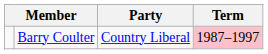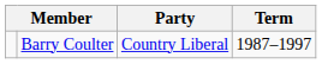 <table class="wikitable">
 <tr>
 <th colspan="2">Member</th>
 <th>Party</th>
 <th>Term</th>
 </tr>
 <tr>
 <td> </td>
 <td><a href='#'>Barry Coulter</a></td>
 <td><a href='#'>Country Liberal</a></td>
-<td style="background: pink;">1987–1997</td>
+<td>1987–1997</td>
 </tr>
 </table>
